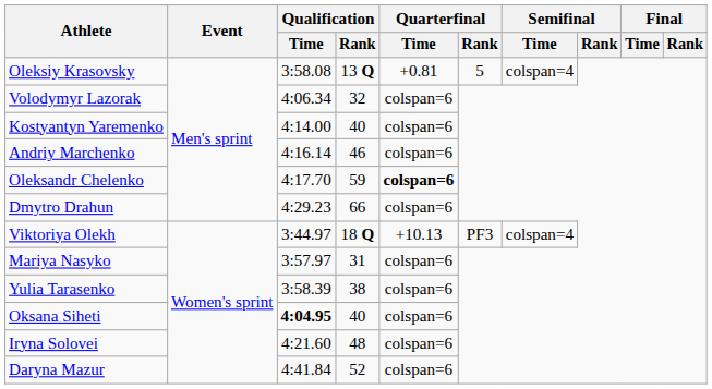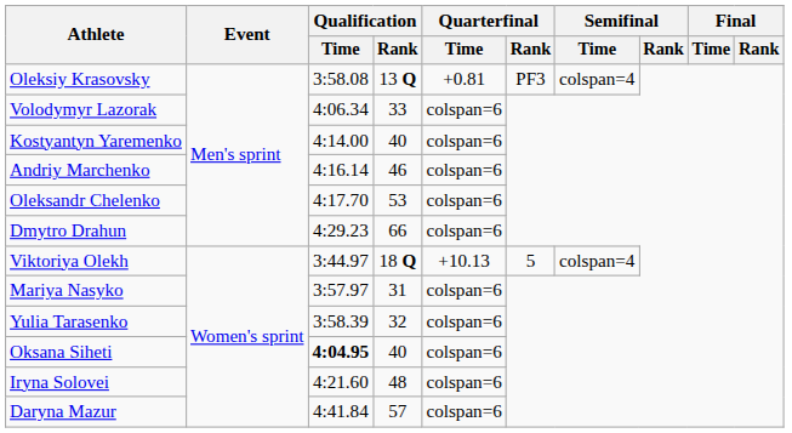 <table class=wikitable style=font-size:90%;text-align:center>
 <tr>
 <th rowspan=2>Athlete</th>
 <th rowspan=2>Event</th>
 <th colspan=2>Qualification</th>
 <th colspan=2>Quarterfinal</th>
 <th colspan=2>Semifinal</th>
 <th colspan=2>Final</th>
 </tr>
 <tr style=font-size:95%>
 <th>Time</th>
 <th>Rank</th>
 <th>Time</th>
 <th>Rank</th>
 <th>Time</th>
 <th>Rank</th>
 <th>Time</th>
 <th>Rank</th>
 </tr>
 <tr>
 <td align=left><a href='#'>Oleksiy Krasovsky</a></td>
 <td align=left rowspan=6><a href='#'>Men's sprint</a></td>
 <td>3:58.08</td>
 <td>13 <strong>Q</strong></td>
 <td>+0.81</td>
-<td>5</td>
+<td>PF3</td>
 <td>colspan=4 </td>
 </tr>
 <tr>
 <td align=left><a href='#'>Volodymyr Lazorak</a></td>
 <td>4:06.34</td>
-<td>32</td>
+<td>33</td>
 <td>colspan=6 </td>
 </tr>
 <tr>
 <td align=left><a href='#'>Kostyantyn Yaremenko</a></td>
 <td>4:14.00</td>
 <td>40</td>
 <td>colspan=6 </td>
 </tr>
 <tr>
 <td align=left><a href='#'>Andriy Marchenko</a></td>
 <td>4:16.14</td>
 <td>46</td>
 <td>colspan=6 </td>
 </tr>
 <tr>
 <td align=left><a href='#'>Oleksandr Chelenko</a></td>
 <td>4:17.70</td>
-<td>59</td>
-<td><strong>colspan=6 </strong></td>
+<td>53</td>
+<td>colspan=6 </td>
 </tr>
 <tr>
 <td align=left><a href='#'>Dmytro Drahun</a></td>
 <td>4:29.23</td>
 <td>66</td>
 <td>colspan=6 </td>
 </tr>
 <tr>
 <td align=left><a href='#'>Viktoriya Olekh</a></td>
 <td align=left rowspan=6><a href='#'>Women's sprint</a></td>
 <td>3:44.97</td>
 <td>18 <strong>Q</strong></td>
 <td>+10.13</td>
-<td>PF3</td>
+<td>5</td>
 <td>colspan=4 </td>
 </tr>
 <tr>
 <td align=left><a href='#'>Mariya Nasyko</a></td>
 <td>3:57.97</td>
 <td>31</td>
 <td>colspan=6 </td>
 </tr>
 <tr>
 <td align=left><a href='#'>Yulia Tarasenko</a></td>
 <td>3:58.39</td>
-<td>38</td>
+<td>32</td>
 <td>colspan=6 </td>
 </tr>
 <tr>
 <td align=left><a href='#'>Oksana Siheti</a></td>
 <td><strong>4:04.95</strong></td>
 <td>40</td>
 <td>colspan=6 </td>
 </tr>
 <tr>
 <td align=left><a href='#'>Iryna Solovei</a></td>
 <td>4:21.60</td>
 <td>48</td>
 <td>colspan=6 </td>
 </tr>
 <tr>
 <td align=left><a href='#'>Daryna Mazur</a></td>
 <td>4:41.84</td>
-<td>52</td>
+<td>57</td>
 <td>colspan=6 </td>
 </tr>
 </table>
